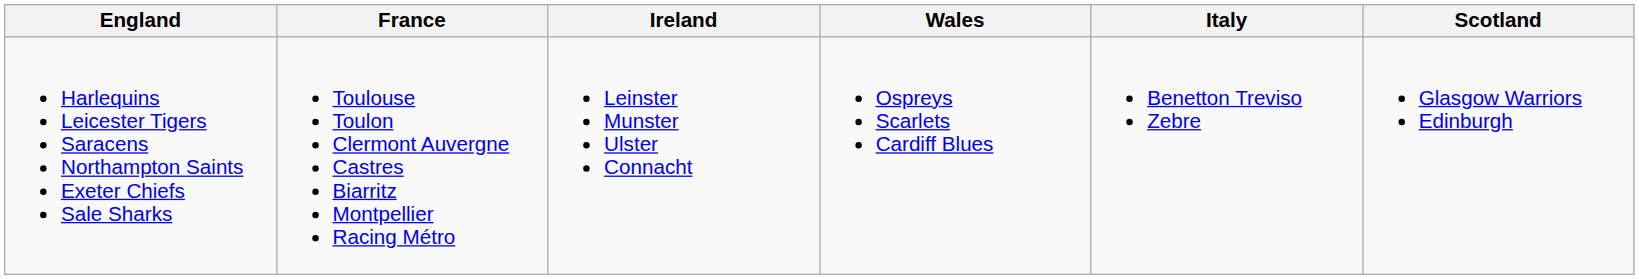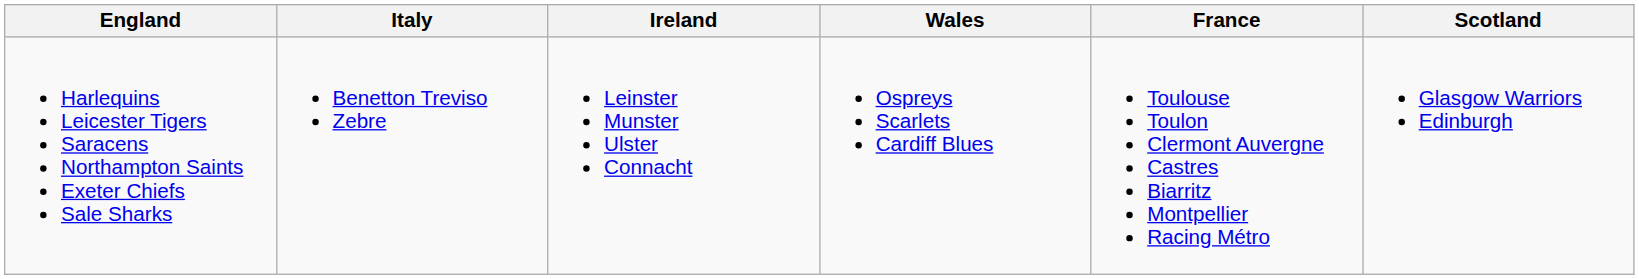 <table class="wikitable" style="width:100%;">
 <tr>
 <th width=16%>England</th>
-<th width=16%>France</th>
+<th width=16%>Italy</th>
 <th width=16%>Ireland</th>
 <th width=16%>Wales</th>
-<th width=16%>Italy</th>
+<th width=16%>France</th>
 <th width=16%>Scotland</th>
 </tr>
 <tr valign=top>
 <td><br><ul><li><a href='#'>Harlequins</a></li><li><a href='#'>Leicester Tigers</a></li><li><a href='#'>Saracens</a></li><li><a href='#'>Northampton Saints</a></li><li><a href='#'>Exeter Chiefs</a></li><li><a href='#'>Sale Sharks</a></li></ul></td>
-<td><br><ul><li><a href='#'>Toulouse</a></li><li><a href='#'>Toulon</a></li><li><a href='#'>Clermont Auvergne</a></li><li><a href='#'>Castres</a></li><li><a href='#'>Biarritz</a></li><li><a href='#'>Montpellier</a></li><li><a href='#'>Racing Métro</a></li></ul></td>
+<td><br><ul><li><a href='#'>Benetton Treviso</a></li><li><a href='#'>Zebre</a></li></ul></td>
 <td><br><ul><li><a href='#'>Leinster</a></li><li><a href='#'>Munster</a></li><li><a href='#'>Ulster</a></li><li><a href='#'>Connacht</a></li></ul></td>
 <td><br><ul><li><a href='#'>Ospreys</a></li><li><a href='#'>Scarlets</a></li><li><a href='#'>Cardiff Blues</a></li></ul></td>
-<td><br><ul><li><a href='#'>Benetton Treviso</a></li><li><a href='#'>Zebre</a></li></ul></td>
+<td><br><ul><li><a href='#'>Toulouse</a></li><li><a href='#'>Toulon</a></li><li><a href='#'>Clermont Auvergne</a></li><li><a href='#'>Castres</a></li><li><a href='#'>Biarritz</a></li><li><a href='#'>Montpellier</a></li><li><a href='#'>Racing Métro</a></li></ul></td>
 <td><br><ul><li><a href='#'>Glasgow Warriors</a></li><li><a href='#'>Edinburgh</a></li></ul></td>
 </tr>
 </table>
